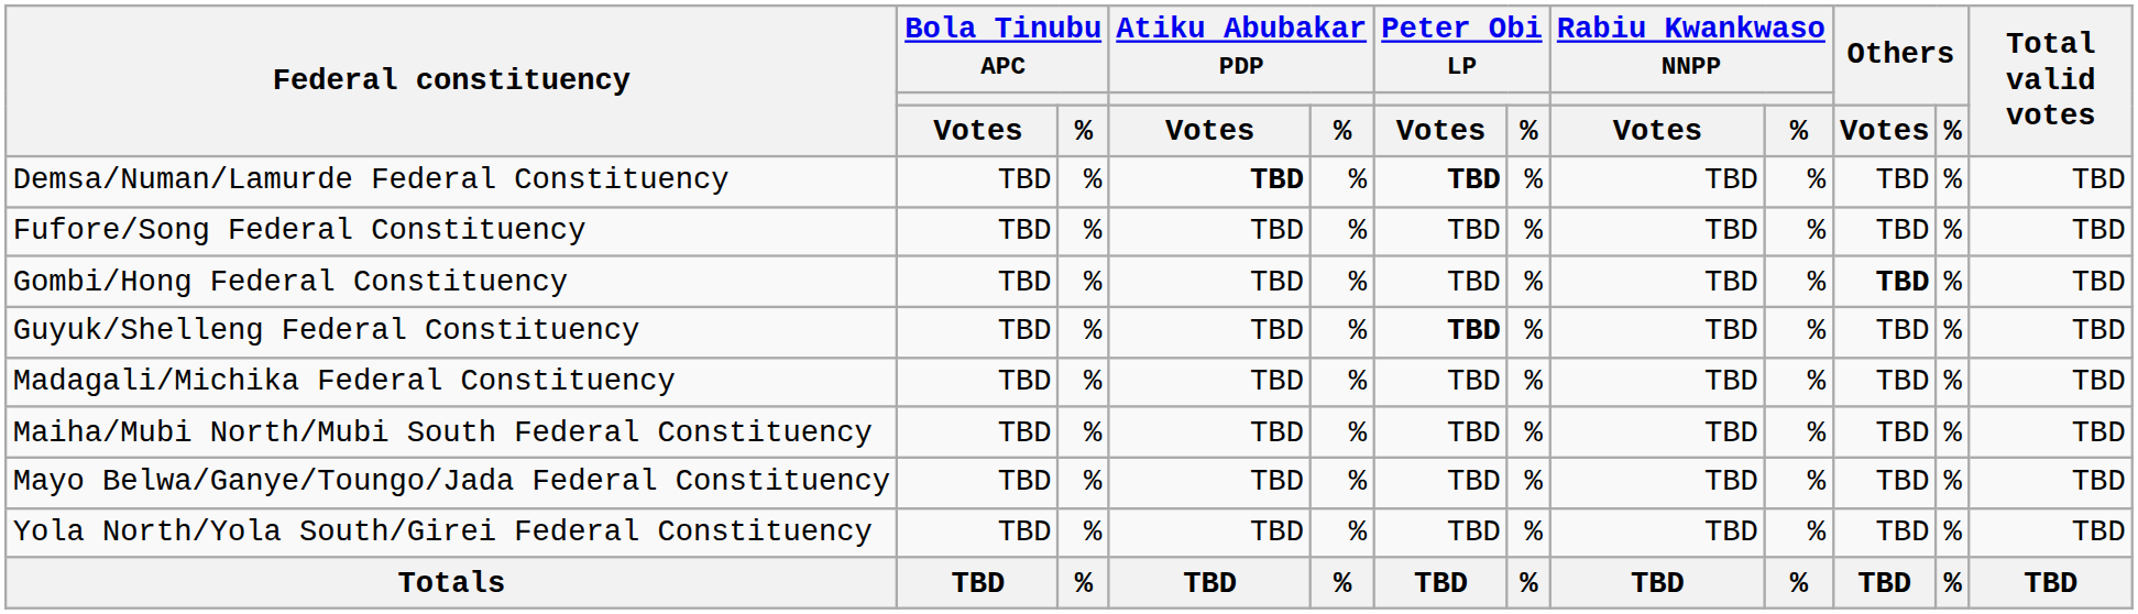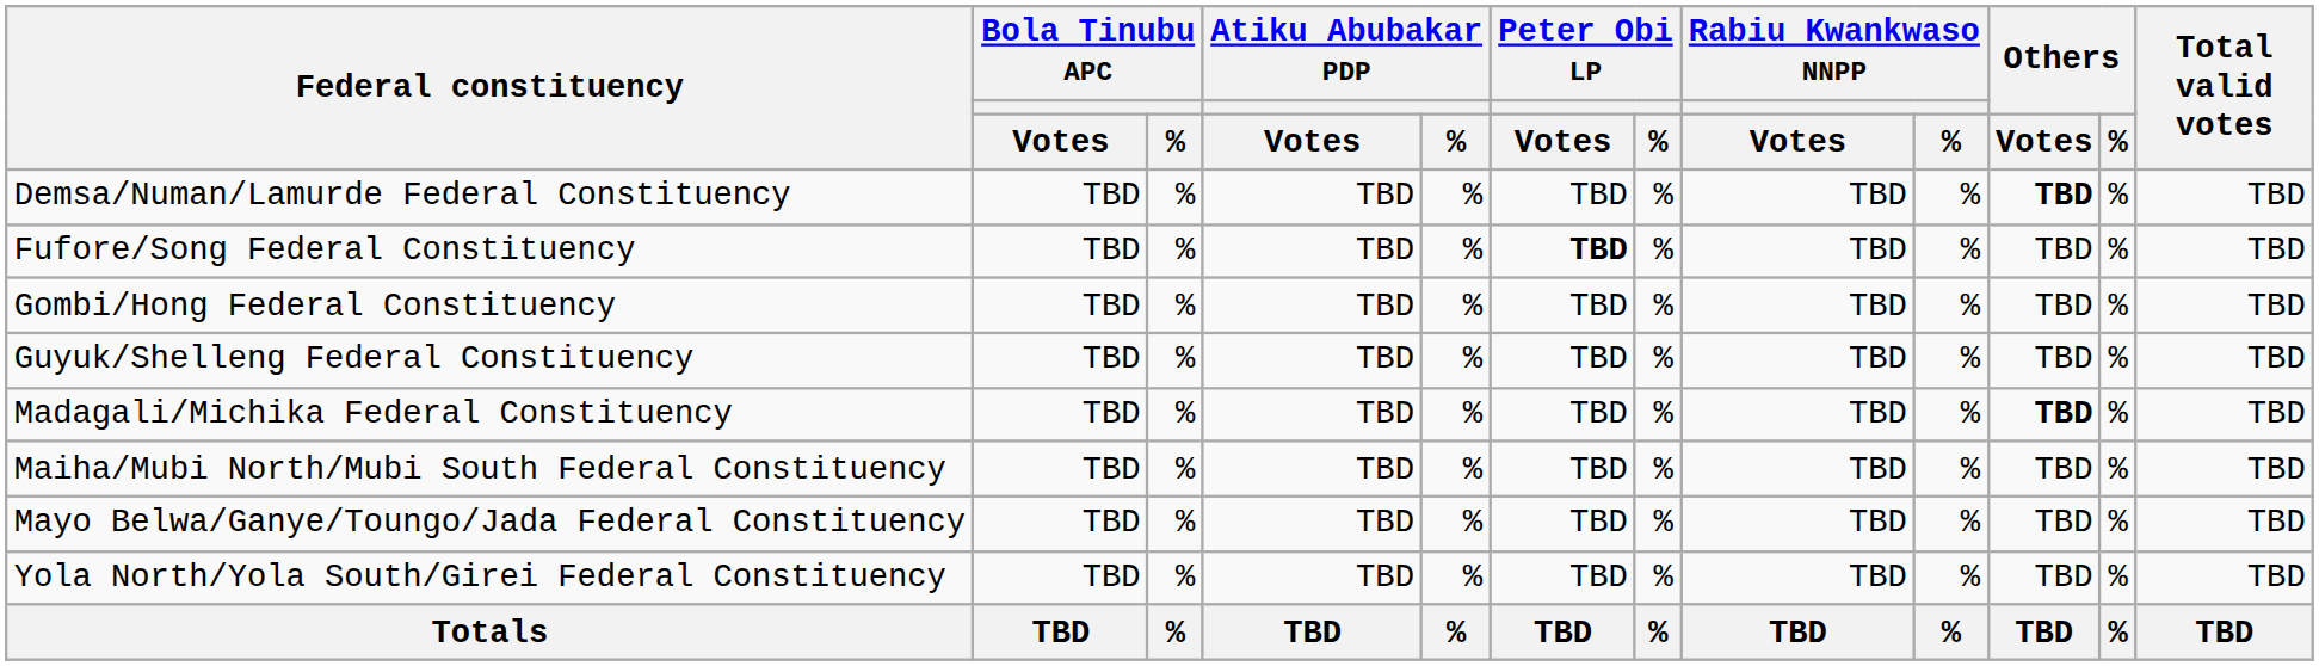 <table class="wikitable sortable" style="text-align:right; font-size:90%">
 <tr>
 <th rowspan="3" style="max-width:7.5em;">Federal constituency</th>
 <th colspan="2"><a href='#'>Bola Tinubu</a><br><small>APC</small></th>
 <th colspan="2"><a href='#'>Atiku Abubakar</a><br><small>PDP</small></th>
 <th colspan="2"><a href='#'>Peter Obi</a><br><small>LP</small></th>
 <th colspan="2"><a href='#'>Rabiu Kwankwaso</a><br><small>NNPP</small></th>
 <th colspan="2" rowspan="2">Others</th>
 <th rowspan="3" style="max-width:5em;">Total valid votes</th>
 </tr>
 <tr>
 <th colspan=2 style="background-color:"></th>
 <th colspan=2 style="background-color:"></th>
 <th colspan=2 style="background-color:"></th>
 <th colspan=2 style="background-color:"></th>
 </tr>
 <tr>
 <th>Votes</th>
 <th>%</th>
 <th>Votes</th>
 <th>%</th>
 <th>Votes</th>
 <th>%</th>
 <th>Votes</th>
 <th>%</th>
 <th>Votes</th>
 <th>%</th>
 </tr>
 <tr style="background-color:#">
 <td style="text-align:left;">Demsa/Numan/Lamurde Federal Constituency</td>
 <td>TBD</td>
 <td>%</td>
-<td><strong>TBD</strong></td>
-<td>%</td>
-<td><strong>TBD</strong></td>
+<td>TBD</td>
 <td>%</td>
 <td>TBD</td>
 <td>%</td>
 <td>TBD</td>
+<td>%</td>
+<td><strong>TBD</strong></td>
 <td>%</td>
 <td>TBD</td>
 </tr>
 <tr style="background-color:#">
 <td style="text-align:left;">Fufore/Song Federal Constituency</td>
 <td>TBD</td>
 <td>%</td>
 <td>TBD</td>
 <td>%</td>
-<td>TBD</td>
+<td><strong>TBD</strong></td>
 <td>%</td>
 <td>TBD</td>
 <td>%</td>
 <td>TBD</td>
 <td>%</td>
 <td>TBD</td>
 </tr>
 <tr style="background-color:#">
 <td style="text-align:left;">Gombi/Hong Federal Constituency</td>
 <td>TBD</td>
 <td>%</td>
 <td>TBD</td>
 <td>%</td>
 <td>TBD</td>
 <td>%</td>
 <td>TBD</td>
 <td>%</td>
-<td><strong>TBD</strong></td>
+<td>TBD</td>
 <td>%</td>
 <td>TBD</td>
 </tr>
 <tr style="background-color:#">
 <td style="text-align:left;">Guyuk/Shelleng Federal Constituency</td>
 <td>TBD</td>
 <td>%</td>
 <td>TBD</td>
 <td>%</td>
-<td><strong>TBD</strong></td>
+<td>TBD</td>
 <td>%</td>
 <td>TBD</td>
 <td>%</td>
 <td>TBD</td>
 <td>%</td>
 <td>TBD</td>
 </tr>
 <tr style="background-color:#">
 <td style="text-align:left;">Madagali/Michika Federal Constituency</td>
 <td>TBD</td>
 <td>%</td>
 <td>TBD</td>
 <td>%</td>
 <td>TBD</td>
 <td>%</td>
 <td>TBD</td>
 <td>%</td>
-<td>TBD</td>
+<td><strong>TBD</strong></td>
 <td>%</td>
 <td>TBD</td>
 </tr>
 <tr style="background-color:#">
 <td style="text-align:left;">Maiha/Mubi North/Mubi South Federal Constituency</td>
 <td>TBD</td>
 <td>%</td>
 <td>TBD</td>
 <td>%</td>
 <td>TBD</td>
 <td>%</td>
 <td>TBD</td>
 <td>%</td>
 <td>TBD</td>
 <td>%</td>
 <td>TBD</td>
 </tr>
 <tr style="background-color:#">
 <td style="text-align:left;">Mayo Belwa/Ganye/Toungo/Jada Federal Constituency</td>
 <td>TBD</td>
 <td>%</td>
 <td>TBD</td>
 <td>%</td>
 <td>TBD</td>
 <td>%</td>
 <td>TBD</td>
 <td>%</td>
 <td>TBD</td>
 <td>%</td>
 <td>TBD</td>
 </tr>
 <tr style="background-color:#">
 <td style="text-align:left;">Yola North/Yola South/Girei Federal Constituency</td>
 <td>TBD</td>
 <td>%</td>
 <td>TBD</td>
 <td>%</td>
 <td>TBD</td>
 <td>%</td>
 <td>TBD</td>
 <td>%</td>
 <td>TBD</td>
 <td>%</td>
 <td>TBD</td>
 </tr>
 <tr>
 <th>Totals</th>
 <th>TBD</th>
 <th>%</th>
 <th>TBD</th>
 <th>%</th>
 <th>TBD</th>
 <th>%</th>
 <th>TBD</th>
 <th>%</th>
 <th>TBD</th>
 <th>%</th>
 <th>TBD</th>
 </tr>
 </table>
